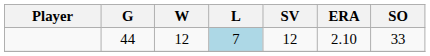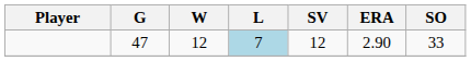 <table class="wikitable sortable">
 <tr>
 <th bgcolor="#DDDDFF" width="16%">Player</th>
 <th bgcolor="#DDDDFF" width="9%">G</th>
 <th bgcolor="#DDDDFF" width="9%">W</th>
 <th bgcolor="#DDDDFF" width="9%">L</th>
 <th bgcolor="#DDDDFF" width="9%">SV</th>
 <th bgcolor="#DDDDFF" width="9%">ERA</th>
 <th bgcolor="#DDDDFF" width="9%">SO</th>
 </tr>
 <tr align="center">
 <td></td>
-<td>44</td>
+<td>47</td>
 <td>12</td>
 <td style="background: lightblue;">7</td>
 <td>12</td>
-<td>2.10</td>
+<td>2.90</td>
 <td>33</td>
 </tr>
 <tr align="center">
 </tr>
 </table>
